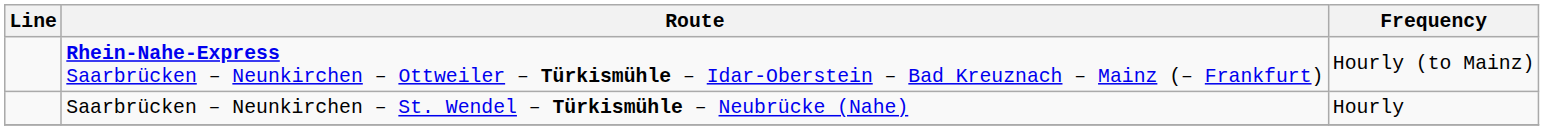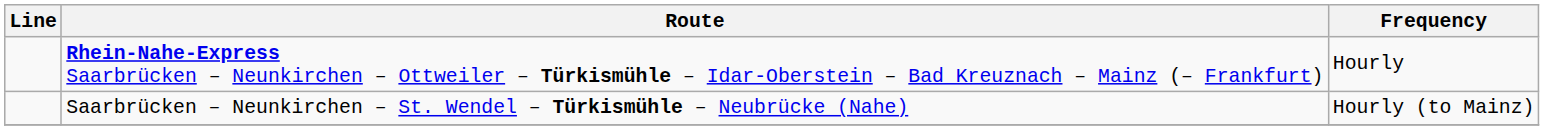 <table class="wikitable">
 <tr>
 <th>Line</th>
 <th>Route</th>
 <th>Frequency</th>
 </tr>
 <tr>
 <td></td>
 <td><strong><a href='#'>Rhein-Nahe-Express</a></strong><br><a href='#'>Saarbrücken</a> – <a href='#'>Neunkirchen</a> – <a href='#'>Ottweiler</a> – <strong>Türkismühle</strong> – <a href='#'>Idar-Oberstein</a> – <a href='#'>Bad Kreuznach</a> – <a href='#'>Mainz</a> (– <a href='#'>Frankfurt</a>)</td>
-<td>Hourly (to Mainz)</td>
+<td>Hourly</td>
 </tr>
 <tr>
 <td></td>
 <td>Saarbrücken – Neunkirchen – <a href='#'>St. Wendel</a> – <strong>Türkismühle</strong> – <a href='#'>Neubrücke (Nahe)</a></td>
-<td>Hourly</td>
+<td>Hourly (to Mainz)</td>
 </tr>
 <tr>
 </tr>
 </table>
